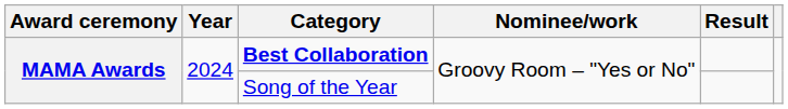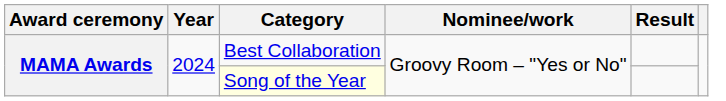 <table class="wikitable plainrowheaders">
 <tr>
 <th scope="col">Award ceremony</th>
 <th scope="col">Year</th>
 <th scope="col">Category</th>
 <th scope="col">Nominee/work</th>
 <th scope="col">Result</th>
 <th scope="col" class="unsortable"></th>
 </tr>
 <tr>
 <th scope="row" rowspan="2"><a href='#'>MAMA Awards</a></th>
 <td rowspan="2" style="text-align:center"><a href='#'>2024</a></td>
-<td><strong><a href='#'>Best Collaboration</a></strong></td>
+<td><a href='#'>Best Collaboration</a></td>
 <td rowspan="2">Groovy Room – "Yes or No"<br></td>
 <td></td>
 <td rowspan="2" style="text-align:center"></td>
 </tr>
 <tr>
-<td><a href='#'>Song of the Year</a></td>
+<td style="background: lightyellow;"><a href='#'>Song of the Year</a></td>
 <td></td>
 </tr>
 </table>
